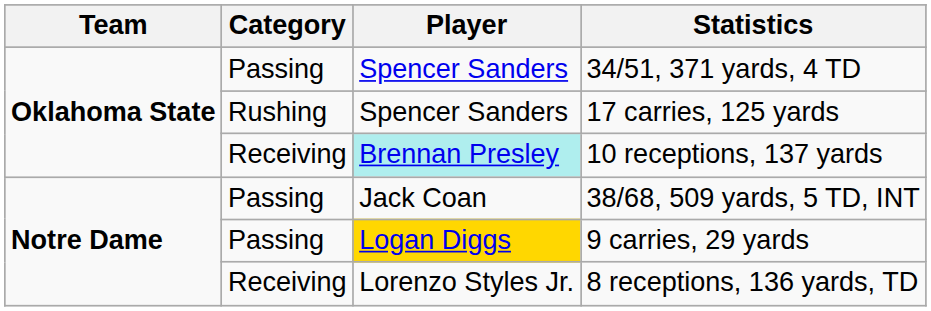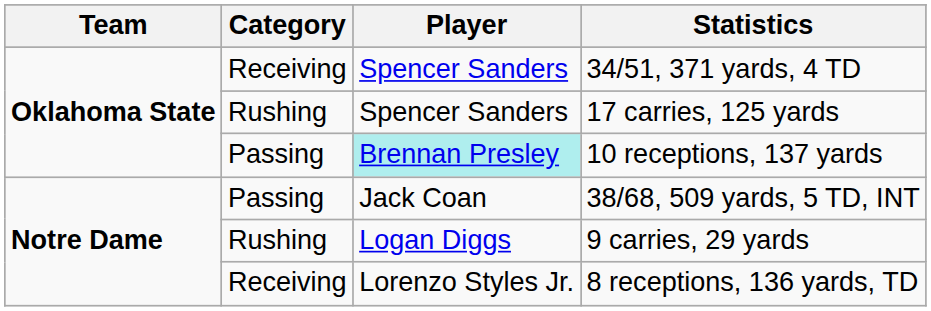 <table class="wikitable" style="float: left;">
 <tr>
 <th>Team</th>
 <th>Category</th>
 <th>Player</th>
 <th>Statistics</th>
 </tr>
 <tr>
 <td rowspan=3><strong>Oklahoma State</strong></td>
-<td>Passing</td>
+<td>Receiving</td>
 <td><a href='#'>Spencer Sanders</a></td>
 <td>34/51, 371 yards, 4 TD</td>
 </tr>
 <tr>
 <td>Rushing</td>
 <td>Spencer Sanders</td>
 <td>17 carries, 125 yards</td>
 </tr>
 <tr>
-<td>Receiving</td>
+<td>Passing</td>
 <td style="background: paleturquoise;"><a href='#'>Brennan Presley</a></td>
 <td>10 receptions, 137 yards</td>
 </tr>
 <tr>
 <td rowspan=3><strong>Notre Dame</strong></td>
 <td>Passing</td>
 <td>Jack Coan</td>
 <td>38/68, 509 yards, 5 TD, INT</td>
 </tr>
 <tr>
-<td>Passing</td>
-<td style="background: gold;"><a href='#'>Logan Diggs</a></td>
+<td>Rushing</td>
+<td><a href='#'>Logan Diggs</a></td>
 <td>9 carries, 29 yards</td>
 </tr>
 <tr>
 <td>Receiving</td>
 <td>Lorenzo Styles Jr.</td>
 <td>8 receptions, 136 yards, TD</td>
 </tr>
 </table>
